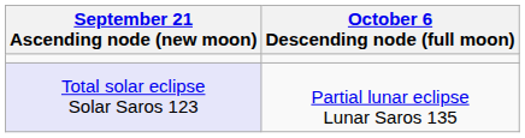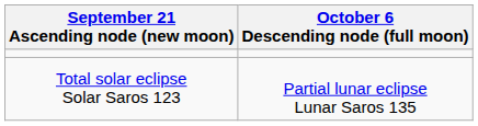 <table class="wikitable">
 <tr>
 <th><a href='#'>September 21</a><br>Ascending node (new moon)</th>
 <th><a href='#'>October 6</a><br>Descending node (full moon)</th>
 </tr>
 <tr>
 <td></td>
 <td></td>
 </tr>
 <tr align=center>
-<td style="background: lavender;"><a href='#'>Total solar eclipse</a><br>Solar Saros 123</td>
+<td><a href='#'>Total solar eclipse</a><br>Solar Saros 123</td>
 <td><br><a href='#'>Partial lunar eclipse</a><br>Lunar Saros 135</td>
 </tr>
 </table>
